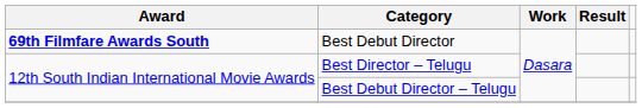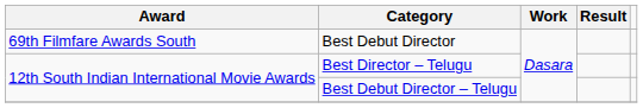 <table class="wikitable sortable plainrowheaders">
 <tr>
 <th scope="col">Award</th>
 <th scope="col">Category</th>
 <th scope="col">Work</th>
 <th scope="col">Result</th>
 <td></td>
 </tr>
 <tr>
-<td><strong><a href='#'>69th Filmfare Awards South</a></strong></td>
+<td><a href='#'>69th Filmfare Awards South</a></td>
 <td>Best Debut Director</td>
 <td rowspan="3"><em><a href='#'>Dasara</a></em></td>
 <td></td>
 <td></td>
 </tr>
 <tr>
 <td rowspan="2"><a href='#'>12th South Indian International Movie Awards</a></td>
 <td><a href='#'>Best Director – Telugu</a></td>
 <td></td>
 <td></td>
 </tr>
 <tr>
 <td><a href='#'>Best Debut Director – Telugu</a></td>
 <td></td>
 <td></td>
 </tr>
 <tr>
 </tr>
 </table>
